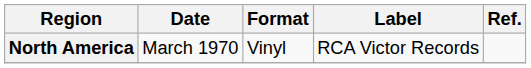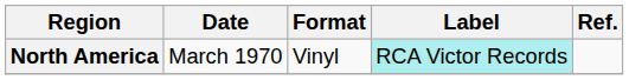 <table class="wikitable plainrowheaders">
 <tr>
 <th scope="col">Region</th>
 <th scope="col">Date</th>
 <th scope="col">Format</th>
 <th scope="col">Label</th>
 <th scope="col">Ref.</th>
 </tr>
 <tr>
 <th scope="row">North America</th>
 <td>March 1970</td>
 <td>Vinyl</td>
-<td>RCA Victor Records</td>
+<td style="background: paleturquoise;">RCA Victor Records</td>
 <td></td>
 </tr>
 <tr>
 </tr>
 </table>
